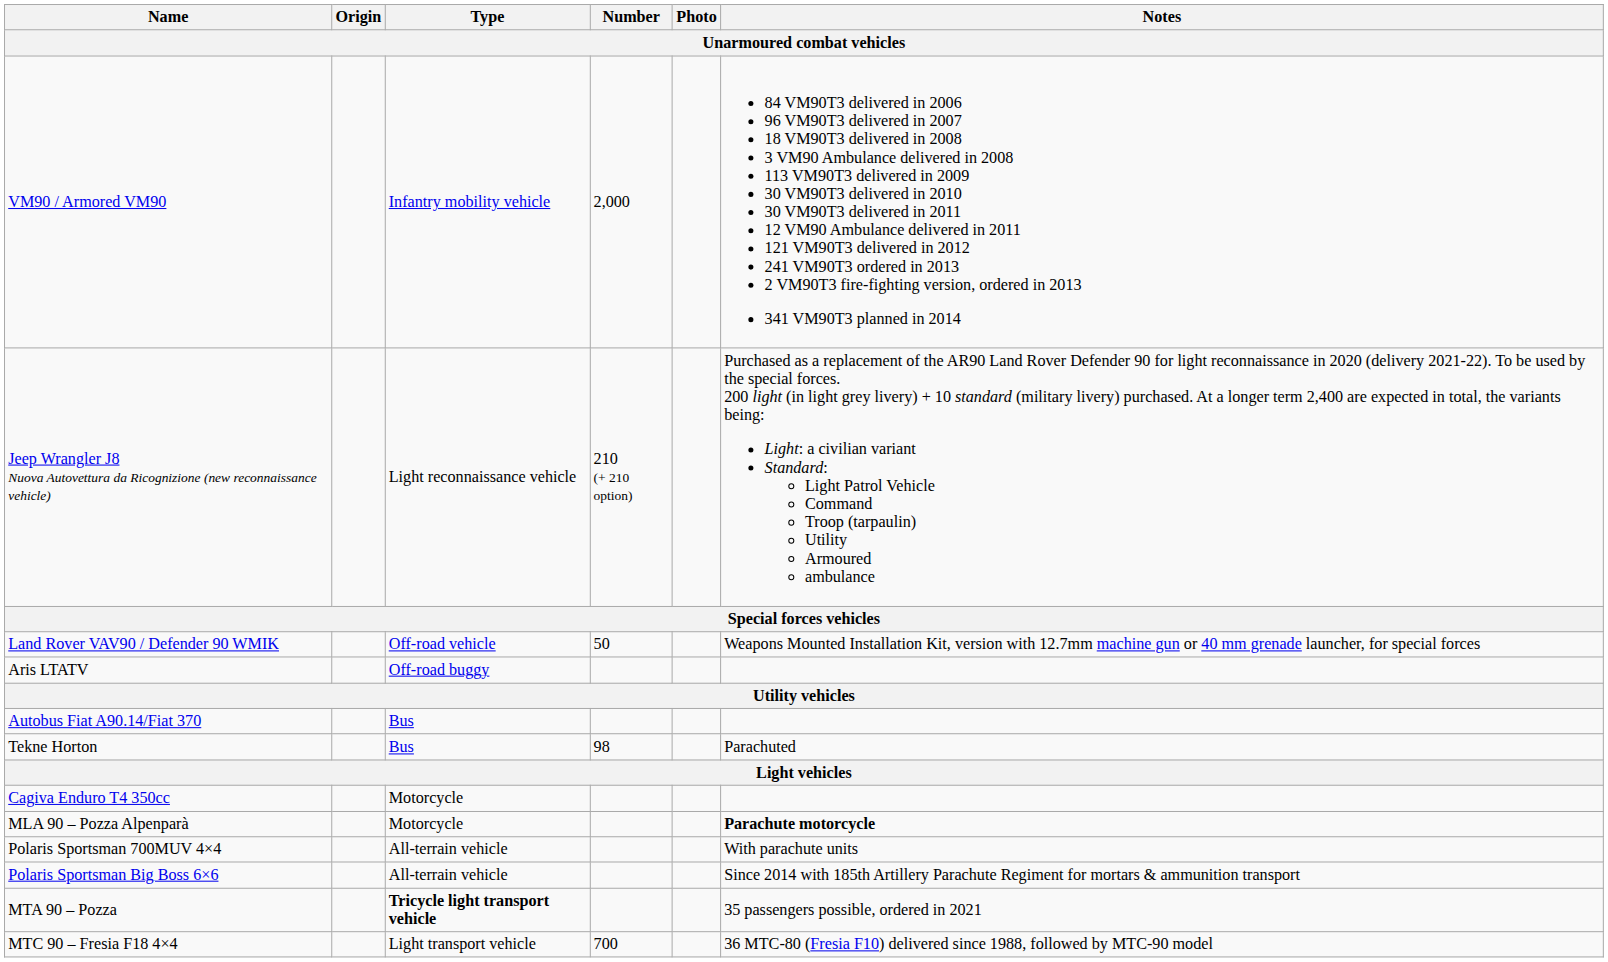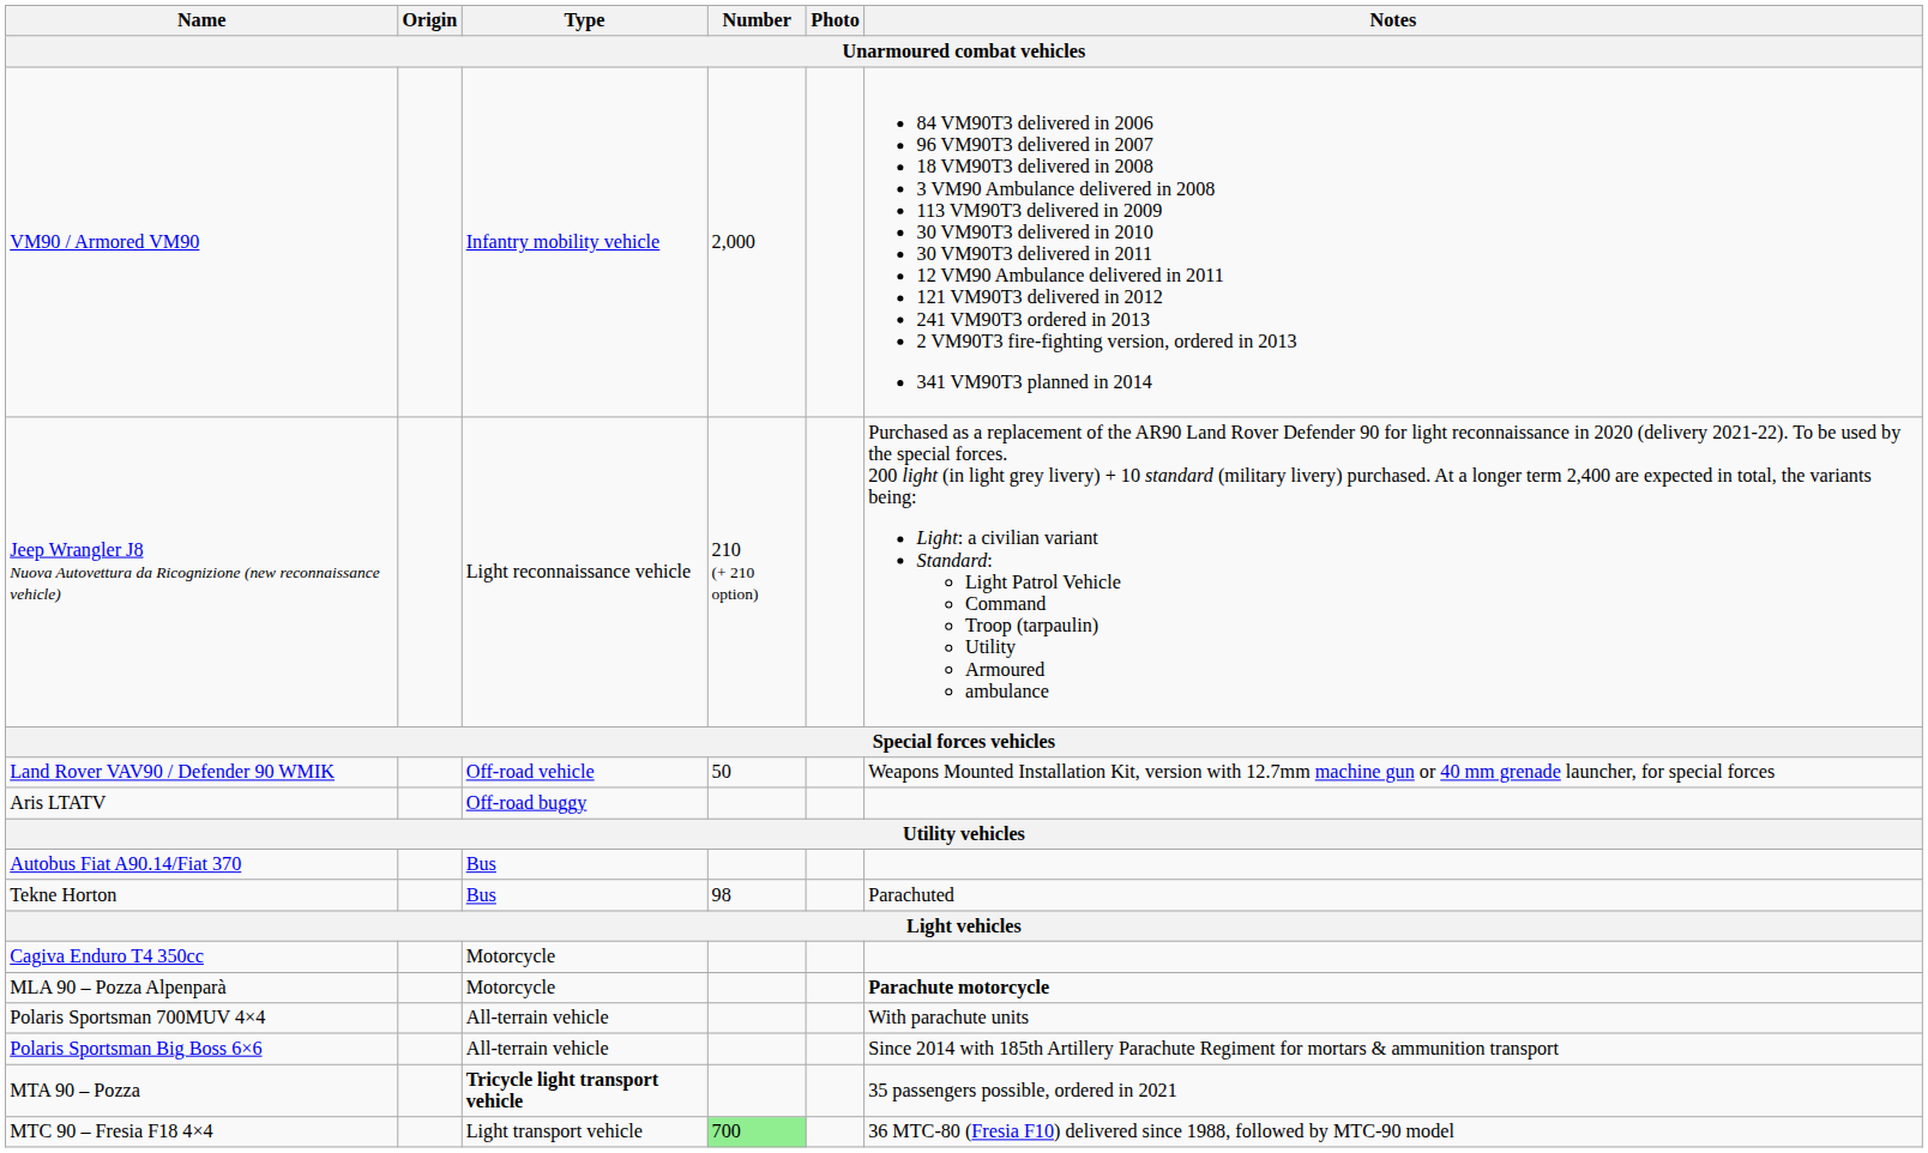 <table class="wikitable" style="margin:auto; width:100%;">
 <tr>
 <th>Name</th>
 <th>Origin</th>
 <th>Type</th>
 <th>Number</th>
 <th>Photo</th>
 <th>Notes</th>
 </tr>
 <tr>
 <th colspan="6">Unarmoured combat vehicles</th>
 </tr>
 <tr>
 <td><a href='#'>VM90 / Armored VM90</a></td>
 <td></td>
 <td><a href='#'>Infantry mobility vehicle</a></td>
 <td>2,000</td>
 <td></td>
 <td><br><ul><li>84 VM90T3 delivered in 2006</li><li>96 VM90T3 delivered in 2007</li><li>18 VM90T3 delivered in 2008</li><li>3 VM90 Ambulance delivered in 2008</li><li>113 VM90T3 delivered in 2009</li><li>30 VM90T3 delivered in 2010</li><li>30 VM90T3 delivered in 2011</li><li>12 VM90 Ambulance delivered in 2011</li><li>121 VM90T3 delivered in 2012</li><li>241 VM90T3 ordered in 2013</li><li>2 VM90T3 fire-fighting version, ordered in 2013</li></ul><ul><li>341 VM90T3 planned in 2014</li></ul></td>
 </tr>
 <tr>
 <td><a href='#'>Jeep Wrangler J8</a><br><em><small>Nuova Autovettura da Ricognizione (new reconnaissance vehicle)</small></em></td>
 <td></td>
 <td>Light reconnaissance vehicle</td>
 <td>210<br><small>(+ 210 option)</small></td>
 <td><br></td>
 <td>Purchased as a replacement of the AR90 Land Rover Defender 90 for light reconnaissance in 2020 (delivery 2021-22). To be used by the special forces.<br>200 <em>light</em> (in light grey livery) + 10 <em>standard</em> (military livery) purchased. At a longer term 2,400 are expected in total, the variants being:<ul><li><em>Light</em>: a civilian variant</li><li><em>Standard</em>:<ul><li>Light Patrol Vehicle</li><li>Command</li><li>Troop (tarpaulin)</li><li>Utility</li><li>Armoured</li><li>ambulance</li></ul></li></ul></td>
 </tr>
 <tr>
 <th colspan="6">Special forces vehicles</th>
 </tr>
 <tr>
 <td><a href='#'>Land Rover VAV90 / Defender 90 WMIK</a></td>
 <td></td>
 <td><a href='#'>Off-road vehicle</a></td>
 <td>50</td>
 <td></td>
 <td>Weapons Mounted Installation Kit, version with 12.7mm <a href='#'>machine gun</a> or <a href='#'>40 mm grenade</a> launcher, for special forces</td>
 </tr>
 <tr>
 <td>Aris LTATV</td>
 <td></td>
 <td><a href='#'>Off-road buggy</a></td>
 <td></td>
 <td></td>
 <td></td>
 </tr>
 <tr>
 <th colspan="6">Utility vehicles</th>
 </tr>
 <tr>
 <td><a href='#'>Autobus Fiat A90.14/Fiat 370</a></td>
 <td></td>
 <td><a href='#'>Bus</a></td>
 <td></td>
 <td></td>
 <td></td>
 </tr>
 <tr>
 <td>Tekne Horton</td>
 <td></td>
 <td><a href='#'>Bus</a></td>
 <td>98</td>
 <td></td>
 <td>Parachuted</td>
 </tr>
 <tr>
 <th colspan="6">Light vehicles</th>
 </tr>
 <tr>
 <td><a href='#'>Cagiva Enduro T4 350cc</a></td>
 <td></td>
 <td>Motorcycle</td>
 <td></td>
 <td></td>
 <td></td>
 </tr>
 <tr>
 <td>MLA 90 – Pozza Alpenparà</td>
 <td></td>
 <td>Motorcycle</td>
 <td></td>
 <td></td>
 <td><strong>Parachute motorcycle</strong></td>
 </tr>
 <tr>
 <td>Polaris Sportsman 700MUV 4×4</td>
 <td></td>
 <td>All-terrain vehicle</td>
 <td></td>
 <td></td>
 <td>With parachute units</td>
 </tr>
 <tr>
 <td><a href='#'>Polaris Sportsman Big Boss 6×6</a></td>
 <td></td>
 <td>All-terrain vehicle</td>
 <td></td>
 <td></td>
 <td>Since 2014 with 185th Artillery Parachute Regiment for mortars & ammunition transport</td>
 </tr>
 <tr>
 <td>MTA 90 – Pozza</td>
 <td></td>
 <td><strong>Tricycle light transport vehicle</strong></td>
 <td></td>
 <td></td>
 <td>35 passengers possible, ordered in 2021</td>
 </tr>
 <tr>
 <td>MTC 90 – Fresia F18 4×4</td>
 <td></td>
 <td>Light transport vehicle</td>
-<td>700</td>
+<td style="background: lightgreen;">700</td>
 <td></td>
 <td>36 MTC-80 (<a href='#'>Fresia F10</a>) delivered since 1988, followed by MTC-90 model</td>
 </tr>
 </table>
